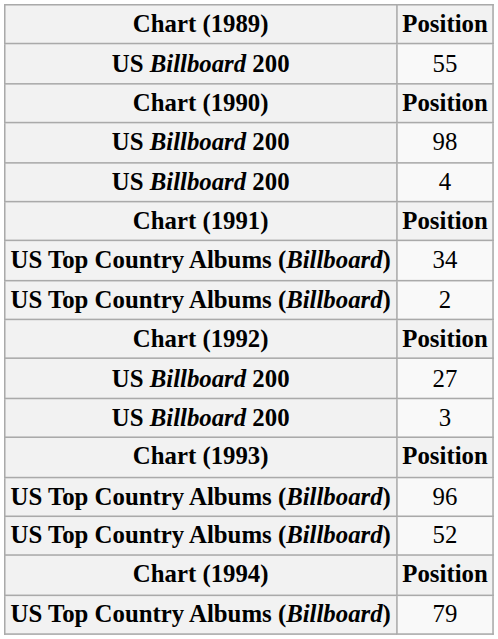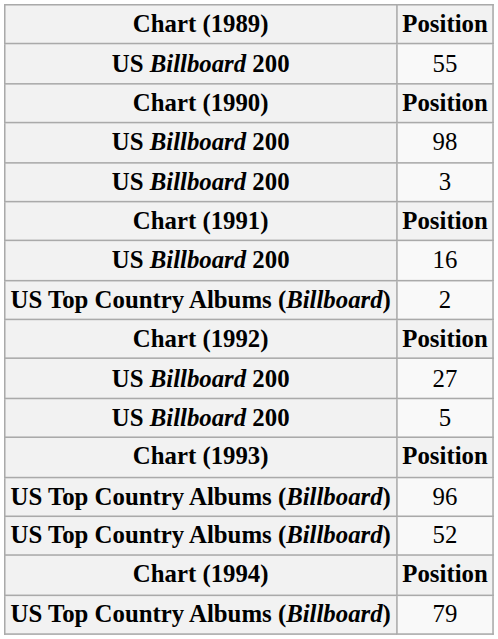 <table class="wikitable plainrowheaders" style="text-align:center">
 <tr>
 <th scope="col">Chart (1989)</th>
 <th scope="col">Position</th>
 </tr>
 <tr>
 <th scope="row">US <em>Billboard</em> 200</th>
 <td>55</td>
 </tr>
 <tr>
 <th scope="col">Chart (1990)</th>
 <th scope="col">Position</th>
 </tr>
 <tr>
 <th scope="row">US <em>Billboard</em> 200</th>
 <td>98</td>
 </tr>
 <tr>
 <th scope="row">US <em>Billboard</em> 200</th>
-<td>4</td>
+<td>3</td>
 </tr>
 <tr>
 <th scope="col">Chart (1991)</th>
 <th scope="col">Position</th>
 </tr>
 <tr>
-<th scope="row">US Top Country Albums (<em>Billboard</em>)</th>
-<td>34</td>
+<th scope="row">US <em>Billboard</em> 200</th>
+<td>16</td>
 </tr>
 <tr>
 <th scope="row">US Top Country Albums (<em>Billboard</em>)</th>
 <td>2</td>
 </tr>
 <tr>
 <th scope="col">Chart (1992)</th>
 <th scope="col">Position</th>
 </tr>
 <tr>
 <th scope="row">US <em>Billboard</em> 200</th>
 <td>27</td>
 </tr>
 <tr>
 <th scope="row">US <em>Billboard</em> 200</th>
-<td>3</td>
+<td>5</td>
 </tr>
 <tr>
 <th scope="col">Chart (1993)</th>
 <th scope="col">Position</th>
 </tr>
 <tr>
 <th scope="row">US Top Country Albums (<em>Billboard</em>)</th>
 <td>96</td>
 </tr>
 <tr>
 <th scope="row">US Top Country Albums (<em>Billboard</em>)</th>
 <td>52</td>
 </tr>
 <tr>
 <th scope="col">Chart (1994)</th>
 <th scope="col">Position</th>
 </tr>
 <tr>
 <th scope="row">US Top Country Albums (<em>Billboard</em>)</th>
 <td>79</td>
 </tr>
 </table>
